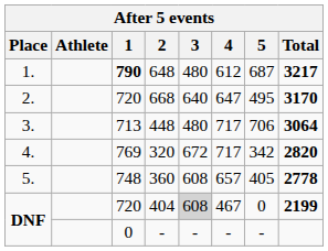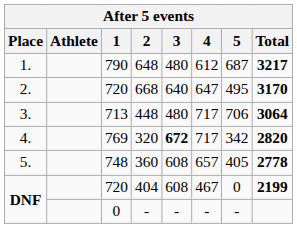 <table class=wikitable style="text-align:center">
 <tr>
 <th colspan=8><strong>After 5 events</strong></th>
 </tr>
 <tr>
 <th>Place</th>
 <th>Athlete</th>
 <th>1</th>
 <th>2</th>
 <th>3</th>
 <th>4</th>
 <th>5</th>
 <th>Total</th>
 </tr>
 <tr>
 <td width=30>1.</td>
 <td align=left></td>
-<td><strong>790</strong></td>
+<td>790</td>
 <td>648</td>
 <td>480</td>
 <td>612</td>
 <td>687</td>
 <td><strong>3217</strong></td>
 </tr>
 <tr>
 <td>2.</td>
 <td align=left></td>
 <td>720</td>
 <td>668</td>
 <td>640</td>
 <td>647</td>
 <td>495</td>
 <td><strong>3170</strong></td>
 </tr>
 <tr>
 <td>3.</td>
 <td align=left></td>
 <td>713</td>
 <td>448</td>
 <td>480</td>
 <td>717</td>
 <td>706</td>
 <td><strong>3064</strong></td>
 </tr>
 <tr>
 <td>4.</td>
 <td align=left></td>
 <td>769</td>
 <td>320</td>
-<td>672</td>
+<td><strong>672</strong></td>
 <td>717</td>
 <td>342</td>
 <td><strong>2820</strong></td>
 </tr>
 <tr>
 <td>5.</td>
 <td align=left></td>
 <td>748</td>
 <td>360</td>
 <td>608</td>
 <td>657</td>
 <td>405</td>
 <td><strong>2778</strong></td>
 </tr>
 <tr>
 <td rowspan=2><strong>DNF</strong></td>
 <td align=left></td>
 <td>720</td>
 <td>404</td>
-<td style="background: lightgrey;">608</td>
+<td>608</td>
 <td>467</td>
 <td>0</td>
 <td><strong>2199</strong></td>
 </tr>
 <tr>
 <td align=left></td>
 <td>0</td>
 <td>-</td>
 <td>-</td>
 <td>-</td>
 <td>-</td>
 <td></td>
 </tr>
 </table>
